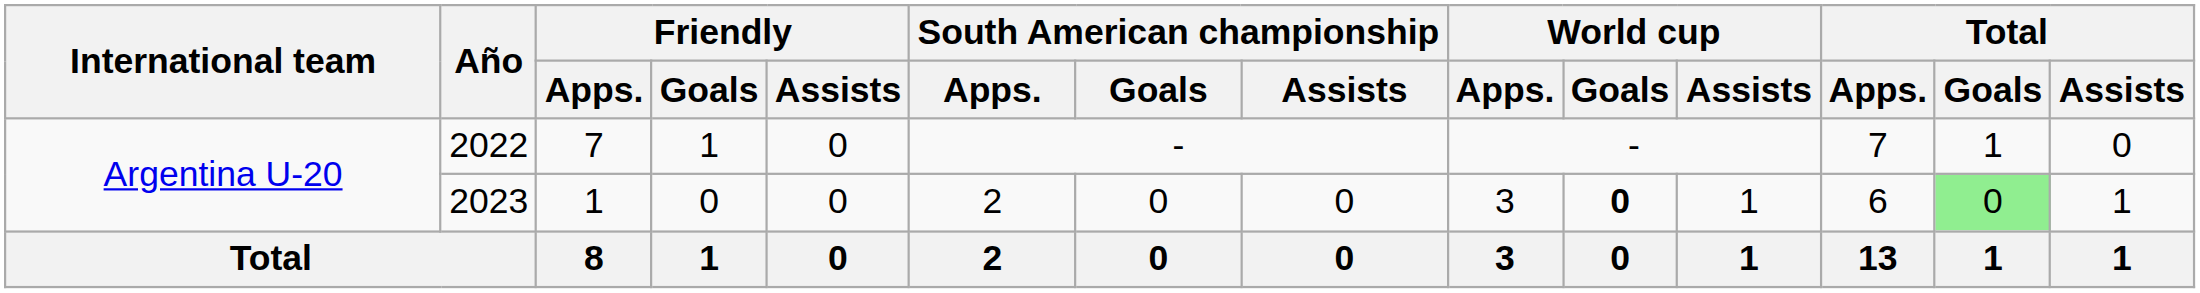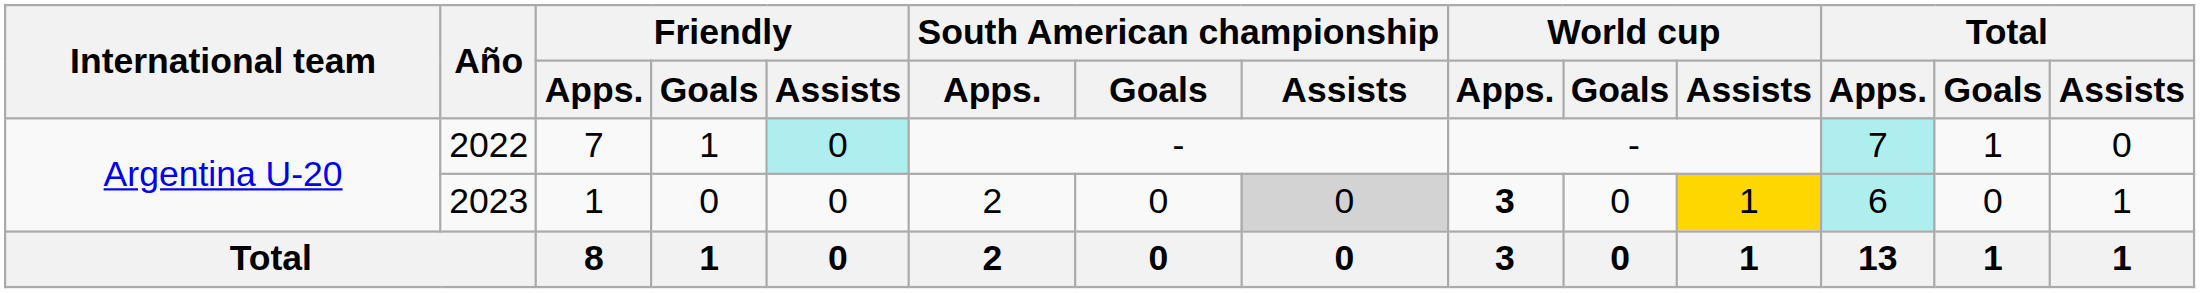 <table class="wikitable center" style="text-align:center">
 <tr>
 <th rowspan="2" width="189px">International team</th>
 <th rowspan="2" width="30px">Año</th>
 <th colspan="3">Friendly</th>
 <th colspan="3">South American championship</th>
 <th colspan="3">World cup</th>
 <th colspan="3">Total</th>
 </tr>
 <tr>
 <th>Apps.</th>
 <th>Goals</th>
 <th>Assists</th>
 <th>Apps.</th>
 <th>Goals</th>
 <th>Assists</th>
 <th>Apps.</th>
 <th>Goals</th>
 <th>Assists</th>
 <th>Apps.</th>
 <th>Goals</th>
 <th>Assists</th>
 </tr>
 <tr>
 <td rowspan="2"><a href='#'>Argentina U-20</a><br><small></small></td>
 <td>2022</td>
 <td>7</td>
 <td>1</td>
-<td>0</td>
+<td style="background: paleturquoise;">0</td>
 <td colspan="3">-</td>
 <td colspan="3">-</td>
-<td>7</td>
+<td style="background: paleturquoise;">7</td>
 <td>1</td>
 <td>0</td>
 </tr>
 <tr>
 <td>2023</td>
 <td>1</td>
 <td>0</td>
 <td>0</td>
 <td>2</td>
 <td>0</td>
+<td style="background: lightgrey;">0</td>
+<td><strong>3</strong></td>
 <td>0</td>
-<td>3</td>
-<td><strong>0</strong></td>
-<td>1</td>
-<td>6</td>
-<td style="background: lightgreen;">0</td>
+<td style="background: gold;">1</td>
+<td style="background: paleturquoise;">6</td>
+<td>0</td>
 <td>1</td>
 </tr>
 <tr>
 <th colspan="2">Total</th>
 <th>8</th>
 <th>1</th>
 <th>0</th>
 <th>2</th>
 <th>0</th>
 <th>0</th>
 <th>3</th>
 <th>0</th>
 <th>1</th>
 <th>13</th>
 <th>1</th>
 <th>1</th>
 </tr>
 </table>
